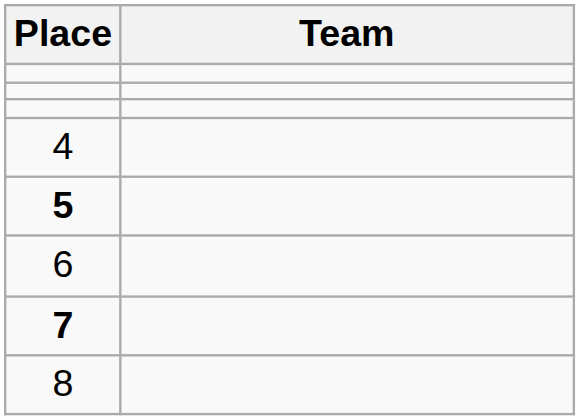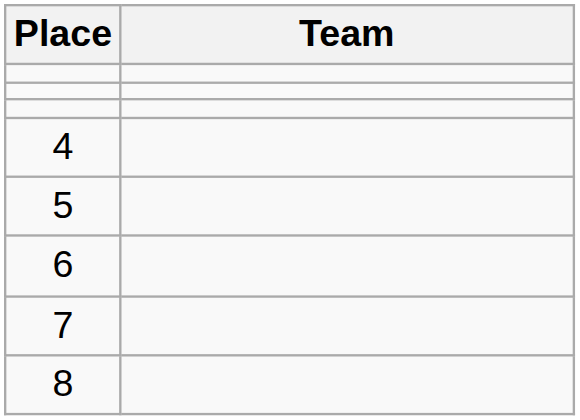 <table class=wikitable style=text-align:center>
 <tr>
 <th width=35>Place</th>
 <th width=185>Team</th>
 </tr>
 <tr>
 <td></td>
 <td style="text-align:left;"></td>
 </tr>
 <tr>
 <td></td>
 <td style="text-align:left;"></td>
 </tr>
 <tr>
 <td></td>
 <td style="text-align:left;"></td>
 </tr>
 <tr>
 <td>4</td>
 <td style="text-align:left;"></td>
 </tr>
 <tr>
-<td><strong>5</strong></td>
+<td>5</td>
 <td style="text-align:left;"></td>
 </tr>
 <tr>
 <td>6</td>
 <td style="text-align:left;"></td>
 </tr>
 <tr>
-<td><strong>7</strong></td>
+<td>7</td>
 <td style="text-align:left;"></td>
 </tr>
 <tr>
 <td>8</td>
 <td style="text-align:left;"></td>
 </tr>
 </table>
